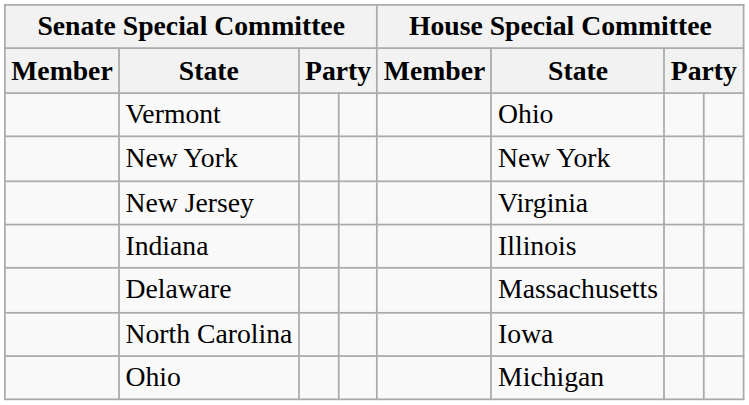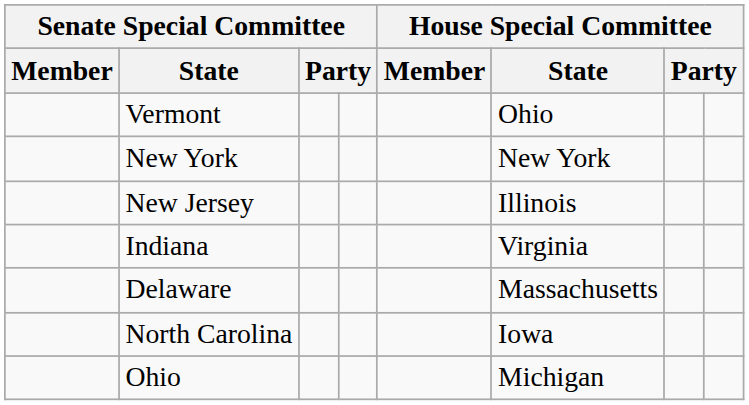 <table class="wikitable sortable">
 <tr>
 <th colspan="4">Senate Special Committee</th>
 <th colspan="4">House Special Committee</th>
 </tr>
 <tr>
 <th>Member</th>
 <th>State</th>
 <th colspan=2>Party</th>
 <th>Member</th>
 <th>State</th>
 <th colspan=2>Party</th>
 </tr>
 <tr>
 <td><sup></sup></td>
 <td>Vermont</td>
 <td style="background-color:"></td>
 <td></td>
 <td><sup></sup></td>
 <td>Ohio</td>
 <td style="background-color:"></td>
 <td></td>
 </tr>
 <tr>
 <td></td>
 <td>New York</td>
 <td style="background-color:"></td>
 <td></td>
 <td></td>
 <td>New York</td>
 <td style="background-color:"></td>
 <td></td>
 </tr>
 <tr>
 <td></td>
 <td>New Jersey</td>
 <td style="background-color:"></td>
 <td></td>
 <td></td>
-<td>Virginia</td>
+<td>Illinois</td>
 <td style="background-color:"></td>
 <td></td>
 </tr>
 <tr>
 <td></td>
 <td>Indiana</td>
 <td style="background-color:"></td>
 <td></td>
 <td></td>
-<td>Illinois</td>
+<td>Virginia</td>
 <td style="background-color:"></td>
 <td></td>
 </tr>
 <tr>
 <td></td>
 <td>Delaware</td>
 <td style="background-color:"></td>
 <td></td>
 <td></td>
 <td>Massachusetts</td>
 <td style="background-color:"></td>
 <td></td>
 </tr>
 <tr>
 <td></td>
 <td>North Carolina</td>
 <td style="background-color:"></td>
 <td></td>
 <td></td>
 <td>Iowa</td>
 <td style="background-color:"></td>
 <td></td>
 </tr>
 <tr>
 <td></td>
 <td>Ohio</td>
 <td style="background-color:"></td>
 <td></td>
 <td></td>
 <td>Michigan</td>
 <td style="background-color:"></td>
 <td></td>
 </tr>
 </table>
